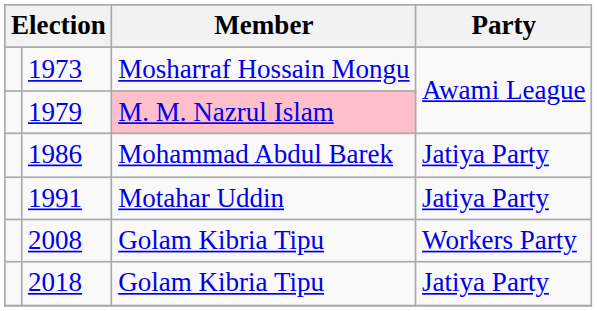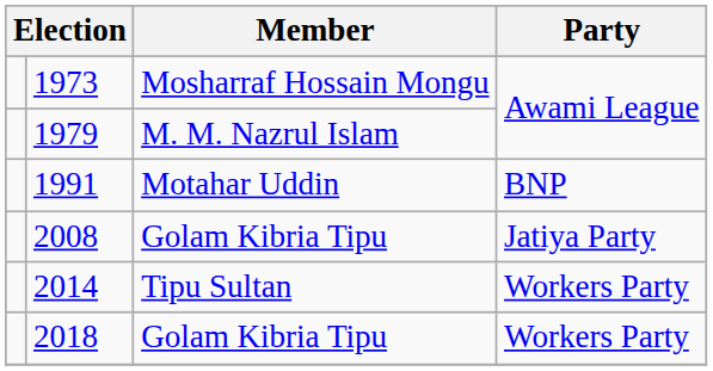 <table class="wikitable">
 <tr>
 <th colspan="2">Election</th>
 <th>Member</th>
 <th>Party</th>
 </tr>
 <tr>
 <td style="background-color:"></td>
 <td><a href='#'>1973</a></td>
 <td><a href='#'>Mosharraf Hossain Mongu</a></td>
 <td rowspan="2"><a href='#'>Awami League</a></td>
 </tr>
 <tr>
 <td style="background-color:"></td>
 <td><a href='#'>1979</a></td>
-<td style="background: pink;"><a href='#'>M. M. Nazrul Islam</a></td>
-</tr>
-<tr>
-<td style="background-color:"></td>
-<td><a href='#'>1986</a></td>
-<td><a href='#'>Mohammad Abdul Barek</a></td>
-<td><a href='#'>Jatiya Party</a></td>
+<td><a href='#'>M. M. Nazrul Islam</a></td>
 </tr>
 <tr>
 <td style="background-color:"></td>
 <td><a href='#'>1991</a></td>
 <td><a href='#'>Motahar Uddin</a></td>
-<td><a href='#'>Jatiya Party</a></td>
+<td><a href='#'>BNP</a></td>
 </tr>
 <tr>
 <td style="background-color:"></td>
 <td><a href='#'>2008</a></td>
 <td><a href='#'>Golam Kibria Tipu</a></td>
+<td><a href='#'>Jatiya Party</a></td>
+</tr>
+<tr>
+<td style="background-color:"></td>
+<td><a href='#'>2014</a></td>
+<td><a href='#'>Tipu Sultan</a></td>
 <td><a href='#'>Workers Party</a></td>
 </tr>
 <tr>
 <td style="background-color:"></td>
 <td><a href='#'>2018</a></td>
 <td><a href='#'>Golam Kibria Tipu</a></td>
-<td><a href='#'>Jatiya Party</a></td>
+<td><a href='#'>Workers Party</a></td>
 </tr>
 <tr>
 </tr>
 </table>
